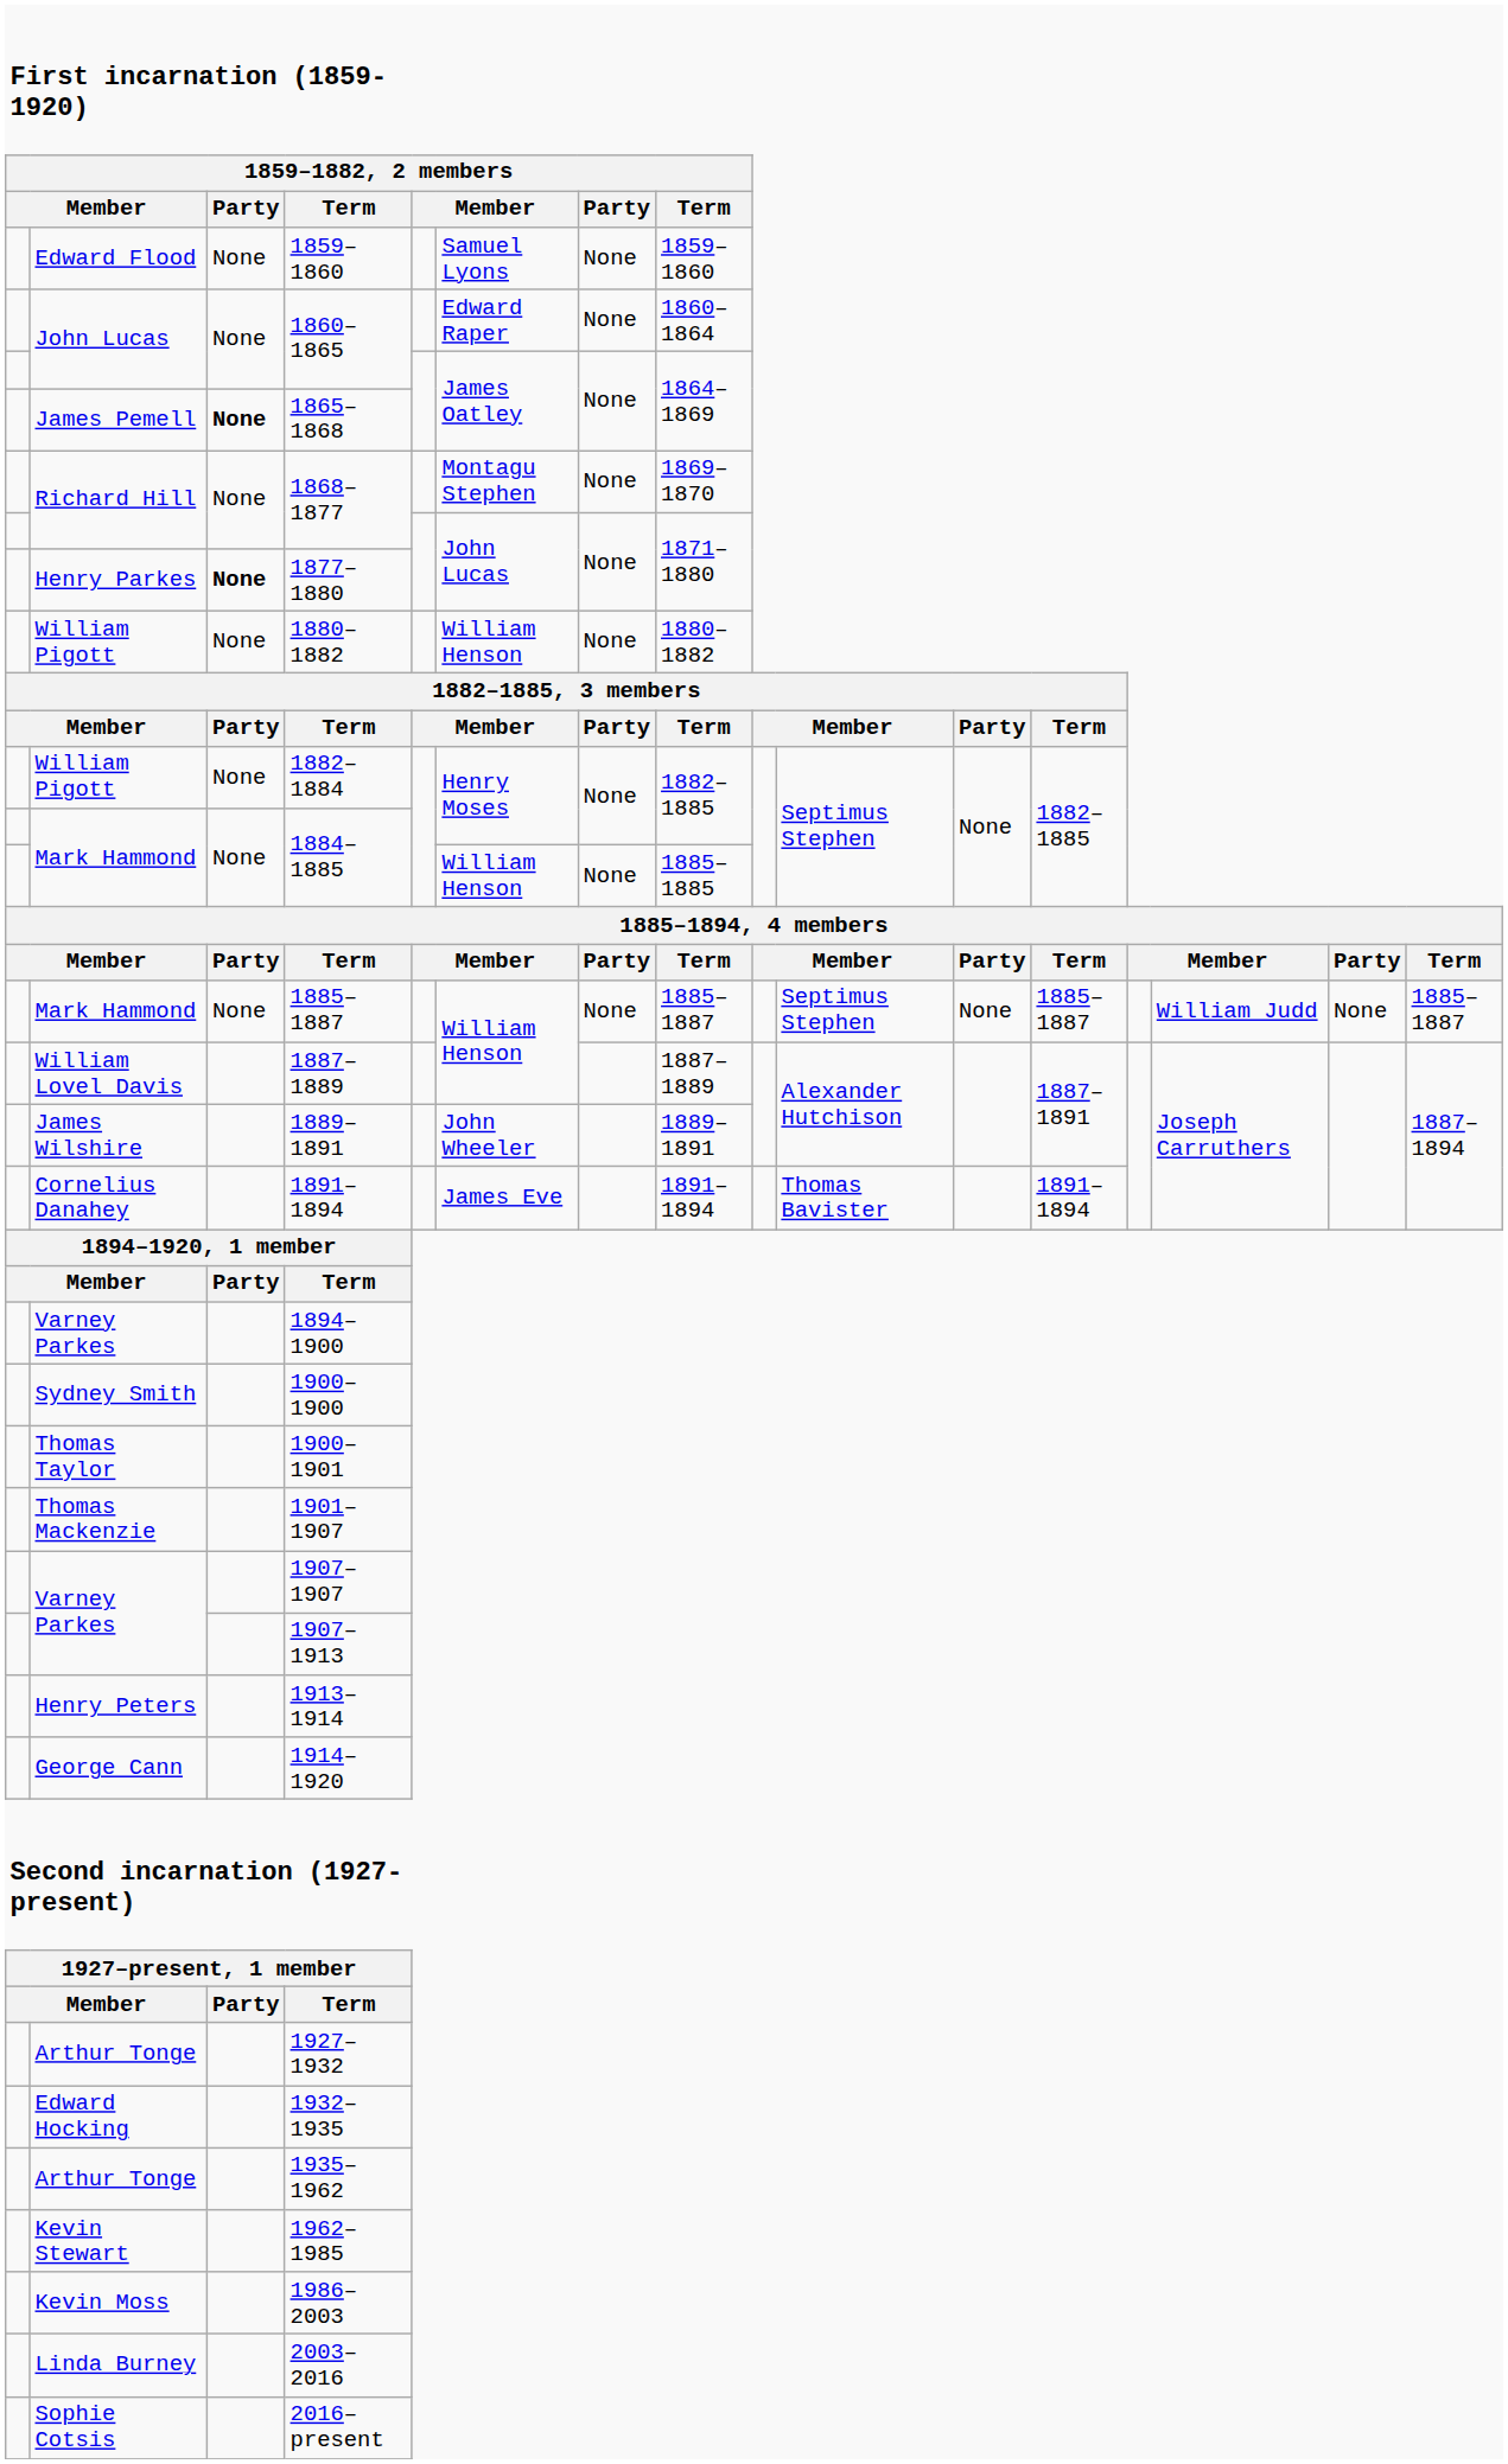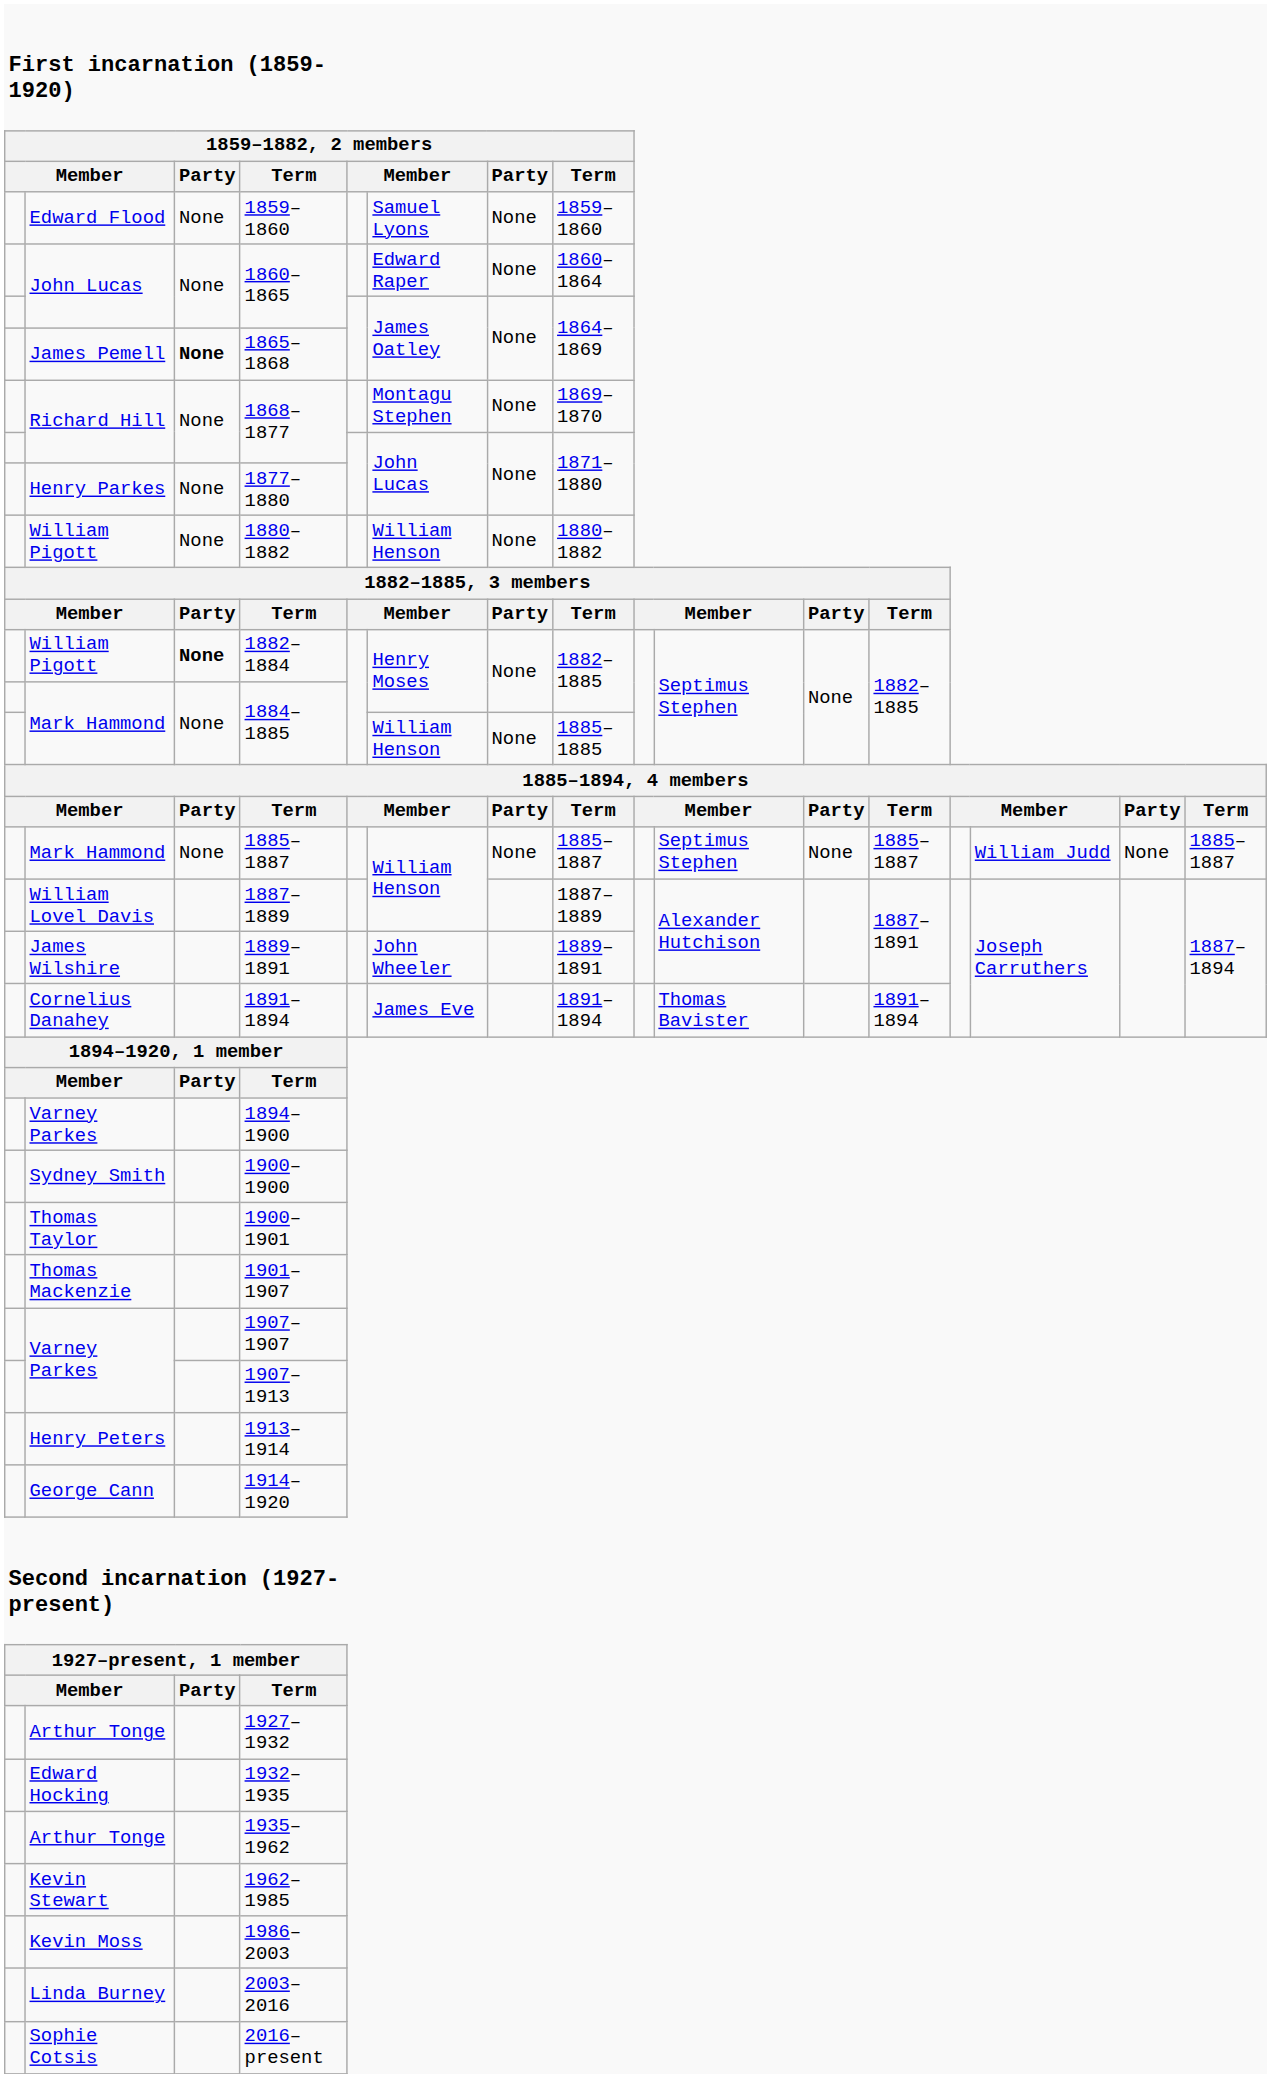 <table class="wikitable" style='border-style: none none none none;'>
 <tr>
 <td colspan="4" style='border-style: none none none none;'><br><h3>First incarnation (1859-1920)</h3></td>
 </tr>
 <tr>
 <th colspan=8>1859–1882, 2 members</th>
 </tr>
 <tr>
 <th colspan="2">Member</th>
 <th>Party</th>
 <th>Term</th>
 <th colspan="2">Member</th>
 <th>Party</th>
 <th>Term</th>
 </tr>
 <tr style="background: #f9f9f9">
 <td> </td>
 <td><a href='#'>Edward Flood</a></td>
 <td>None</td>
 <td><a href='#'>1859</a>–1860</td>
 <td> </td>
 <td><a href='#'>Samuel Lyons</a></td>
 <td>None</td>
 <td><a href='#'>1859</a>–1860</td>
 </tr>
 <tr style="background: #f9f9f9">
 <td> </td>
 <td rowspan="2"><a href='#'>John Lucas</a></td>
 <td rowspan="2">None</td>
 <td rowspan="2"><a href='#'>1860</a>–1865</td>
 <td> </td>
 <td><a href='#'>Edward Raper</a></td>
 <td>None</td>
 <td><a href='#'>1860</a>–1864</td>
 </tr>
 <tr style="background: #f9f9f9">
 <td> </td>
 <td rowspan="3" > </td>
 <td rowspan="3"><a href='#'>James Oatley</a></td>
 <td rowspan="3">None</td>
 <td rowspan="3"><a href='#'>1864</a>–1869</td>
 </tr>
 <tr style="background: #f9f9f9">
 <td> </td>
 <td><a href='#'>James Pemell</a></td>
 <td><strong>None</strong></td>
 <td><a href='#'>1865</a>–1868</td>
 </tr>
 <tr style="background: #f9f9f9">
 <td rowspan="2" > </td>
 <td rowspan="3"><a href='#'>Richard Hill</a></td>
 <td rowspan="3">None</td>
 <td rowspan="3"><a href='#'>1868</a>–1877</td>
 </tr>
 <tr style="background: #f9f9f9">
 <td> </td>
 <td><a href='#'>Montagu Stephen</a></td>
 <td>None</td>
 <td><a href='#'>1869</a>–1870</td>
 </tr>
 <tr style="background: #f9f9f9">
 <td> </td>
 <td rowspan="2" > </td>
 <td rowspan="2"><a href='#'>John Lucas</a></td>
 <td rowspan="2">None</td>
 <td rowspan="2"><a href='#'>1871</a>–1880</td>
 </tr>
 <tr style="background: #f9f9f9">
 <td> </td>
 <td><a href='#'>Henry Parkes</a></td>
-<td><strong>None</strong></td>
+<td>None</td>
 <td><a href='#'>1877</a>–1880</td>
 </tr>
 <tr style="background: #f9f9f9">
 <td> </td>
 <td><a href='#'>William Pigott</a></td>
 <td>None</td>
 <td><a href='#'>1880</a>–1882</td>
 <td> </td>
 <td><a href='#'>William Henson</a></td>
 <td>None</td>
 <td><a href='#'>1880</a>–1882</td>
 </tr>
 <tr>
 <th colspan="12">1882–1885, 3 members</th>
 </tr>
 <tr>
 <th colspan="2">Member</th>
 <th>Party</th>
 <th>Term</th>
 <th colspan="2">Member</th>
 <th>Party</th>
 <th>Term</th>
 <th colspan="2">Member</th>
 <th>Party</th>
 <th>Term</th>
 </tr>
 <tr style="background: #f9f9f9">
 <td> </td>
 <td><a href='#'>William Pigott</a></td>
-<td>None</td>
+<td><strong>None</strong></td>
 <td><a href='#'>1882</a>–1884</td>
 <td rowspan=3 > </td>
 <td rowspan=2><a href='#'>Henry Moses</a></td>
 <td rowspan=2>None</td>
 <td rowspan=2><a href='#'>1882</a>–1885</td>
 <td rowspan=3 > </td>
 <td rowspan=3><a href='#'>Septimus Stephen</a></td>
 <td rowspan=3>None</td>
 <td rowspan=3><a href='#'>1882</a>–1885</td>
 </tr>
 <tr style="background: #f9f9f9">
 <td> </td>
 <td rowspan=2><a href='#'>Mark Hammond</a></td>
 <td rowspan=2>None</td>
 <td rowspan=2><a href='#'>1884</a>–1885</td>
 </tr>
 <tr style="background: #f9f9f9">
 <td> </td>
 <td><a href='#'>William Henson</a></td>
 <td>None</td>
 <td><a href='#'>1885</a>–1885</td>
 </tr>
 <tr>
 <th colspan="16">1885–1894, 4 members</th>
 </tr>
 <tr>
 <th colspan="2">Member</th>
 <th>Party</th>
 <th>Term</th>
 <th colspan="2">Member</th>
 <th>Party</th>
 <th>Term</th>
 <th colspan="2">Member</th>
 <th>Party</th>
 <th>Term</th>
 <th colspan="2">Member</th>
 <th>Party</th>
 <th>Term</th>
 </tr>
 <tr style="background: #f9f9f9">
 <td> </td>
 <td><a href='#'>Mark Hammond</a></td>
 <td>None</td>
 <td><a href='#'>1885</a>–1887</td>
 <td> </td>
 <td rowspan="2"><a href='#'>William Henson</a></td>
 <td>None</td>
 <td><a href='#'>1885</a>–1887</td>
 <td> </td>
 <td><a href='#'>Septimus Stephen</a></td>
 <td>None</td>
 <td><a href='#'>1885</a>–1887</td>
 <td> </td>
 <td><a href='#'>William Judd</a></td>
 <td>None</td>
 <td><a href='#'>1885</a>–1887</td>
 </tr>
 <tr style="background: #f9f9f9; border-style: thin thin thin thin;">
 <td> </td>
 <td><a href='#'>William Lovel Davis</a></td>
 <td></td>
 <td><a href='#'>1887</a>–1889</td>
 <td> </td>
 <td></td>
 <td>1887–1889</td>
 <td rowspan="2" > </td>
 <td rowspan="2"><a href='#'>Alexander Hutchison</a></td>
 <td rowspan="2"></td>
 <td rowspan="2"><a href='#'>1887</a>–1891</td>
 <td rowspan="3" > </td>
 <td rowspan="3"><a href='#'>Joseph Carruthers</a></td>
 <td rowspan="3"></td>
 <td rowspan="3"><a href='#'>1887</a>–1894</td>
 </tr>
 <tr style="background: #f9f9f9; border-style: thin thin thin thin;">
 <td> </td>
 <td><a href='#'>James Wilshire</a></td>
 <td></td>
 <td><a href='#'>1889</a>–1891</td>
 <td> </td>
 <td><a href='#'>John Wheeler</a></td>
 <td></td>
 <td><a href='#'>1889</a>–1891</td>
 </tr>
 <tr style="background: #f9f9f9; border-style: thin thin thin thin;">
 <td> </td>
 <td><a href='#'>Cornelius Danahey</a></td>
 <td></td>
 <td><a href='#'>1891</a>–1894</td>
 <td> </td>
 <td><a href='#'>James Eve</a></td>
 <td></td>
 <td><a href='#'>1891</a>–1894</td>
 <td> </td>
 <td><a href='#'>Thomas Bavister</a></td>
 <td></td>
 <td><a href='#'>1891</a>–1894</td>
 </tr>
 <tr>
 <th colspan="4">1894–1920, 1 member</th>
 </tr>
 <tr>
 <th colspan="2">Member</th>
 <th>Party</th>
 <th>Term</th>
 </tr>
 <tr style="background: #f9f9f9">
 <td> </td>
 <td><a href='#'>Varney Parkes</a></td>
 <td></td>
 <td><a href='#'>1894</a>–1900</td>
 </tr>
 <tr style="background: #f9f9f9">
 <td> </td>
 <td><a href='#'>Sydney Smith</a></td>
 <td></td>
 <td><a href='#'>1900</a>–1900</td>
 </tr>
 <tr style="background: #f9f9f9">
 <td> </td>
 <td><a href='#'>Thomas Taylor</a></td>
 <td></td>
 <td><a href='#'>1900</a>–1901</td>
 </tr>
 <tr style="background: #f9f9f9">
 <td> </td>
 <td><a href='#'>Thomas Mackenzie</a></td>
 <td></td>
 <td><a href='#'>1901</a>–1907</td>
 </tr>
 <tr style="background: #f9f9f9">
 <td> </td>
 <td rowspan="2"><a href='#'>Varney Parkes</a></td>
 <td></td>
 <td><a href='#'>1907</a>–1907</td>
 </tr>
 <tr style="background: #f9f9f9">
 <td> </td>
 <td></td>
 <td><a href='#'>1907</a>–1913</td>
 </tr>
 <tr style="background: #f9f9f9">
 <td> </td>
 <td><a href='#'>Henry Peters</a></td>
 <td></td>
 <td><a href='#'>1913</a>–1914</td>
 </tr>
 <tr style="background: #f9f9f9">
 <td> </td>
 <td><a href='#'>George Cann</a></td>
 <td></td>
 <td><a href='#'>1914</a>–1920</td>
 </tr>
 <tr>
 <td colspan="4" style='border-style: none none none none;'><br><h3>Second incarnation (1927-present)</h3></td>
 </tr>
 <tr>
 <th colspan="4">1927–present, 1 member</th>
 </tr>
 <tr>
 <th colspan="2">Member</th>
 <th>Party</th>
 <th>Term</th>
 </tr>
 <tr>
 <td> </td>
 <td><a href='#'>Arthur Tonge</a></td>
 <td></td>
 <td><a href='#'>1927</a>–1932</td>
 </tr>
 <tr>
 <td> </td>
 <td><a href='#'>Edward Hocking</a></td>
 <td></td>
 <td><a href='#'>1932</a>–1935</td>
 </tr>
 <tr>
 <td> </td>
 <td><a href='#'>Arthur Tonge</a></td>
 <td></td>
 <td><a href='#'>1935</a>–1962</td>
 </tr>
 <tr>
 <td> </td>
 <td><a href='#'>Kevin Stewart</a></td>
 <td></td>
 <td><a href='#'>1962</a>–1985</td>
 </tr>
 <tr>
 <td> </td>
 <td><a href='#'>Kevin Moss</a></td>
 <td></td>
 <td><a href='#'>1986</a>–2003</td>
 </tr>
 <tr>
 <td> </td>
 <td><a href='#'>Linda Burney</a></td>
 <td></td>
 <td><a href='#'>2003</a>–2016</td>
 </tr>
 <tr>
 <td> </td>
 <td><a href='#'>Sophie Cotsis</a></td>
 <td></td>
 <td><a href='#'>2016</a>–present</td>
 </tr>
 </table>
